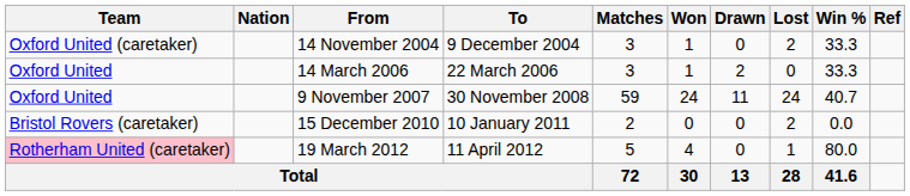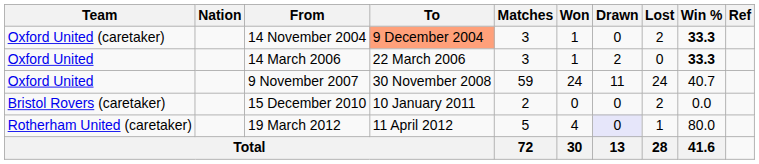 <table class="wikitable" style="text-align: center">
 <tr>
 <th>Team</th>
 <th>Nation</th>
 <th>From</th>
 <th class="unsortable">To</th>
 <th>Matches</th>
 <th>Won</th>
 <th>Drawn</th>
 <th>Lost</th>
 <th>Win %</th>
 <th>Ref</th>
 </tr>
 <tr>
 <td align=left><a href='#'>Oxford United</a> (caretaker)</td>
 <td></td>
 <td align=left>14 November 2004</td>
-<td align=left>9 December 2004</td>
+<td align=left style="background: lightsalmon;">9 December 2004</td>
 <td>3</td>
 <td>1</td>
 <td>0</td>
 <td>2</td>
-<td>33.3</td>
+<td><strong>33.3</strong></td>
 <td></td>
 </tr>
 <tr>
 <td align=left><a href='#'>Oxford United</a></td>
 <td></td>
 <td align=left>14 March 2006</td>
 <td align=left>22 March 2006</td>
 <td>3</td>
 <td>1</td>
 <td>2</td>
 <td>0</td>
-<td>33.3</td>
+<td><strong>33.3</strong></td>
 <td></td>
 </tr>
 <tr>
 <td align=left><a href='#'>Oxford United</a></td>
 <td></td>
 <td align=left>9 November 2007</td>
 <td align=left>30 November 2008</td>
 <td>59</td>
 <td>24</td>
 <td>11</td>
 <td>24</td>
 <td>40.7</td>
 <td></td>
 </tr>
 <tr>
 <td align=left><a href='#'>Bristol Rovers</a> (caretaker)</td>
 <td></td>
 <td align=left>15 December 2010</td>
 <td align=left>10 January 2011</td>
 <td>2</td>
 <td>0</td>
 <td>0</td>
 <td>2</td>
 <td>0.0</td>
 <td></td>
 </tr>
 <tr>
-<td align=left style="background: pink;"><a href='#'>Rotherham United</a> (caretaker)</td>
+<td align=left><a href='#'>Rotherham United</a> (caretaker)</td>
 <td></td>
 <td align=left>19 March 2012</td>
 <td align=left>11 April 2012</td>
 <td>5</td>
 <td>4</td>
-<td>0</td>
+<td style="background: lavender;">0</td>
 <td>1</td>
 <td>80.0</td>
 <td></td>
 </tr>
 <tr>
 <th colspan="4">Total</th>
 <th>72</th>
 <th>30</th>
 <th>13</th>
 <th>28</th>
 <th>41.6</th>
 </tr>
 </table>
